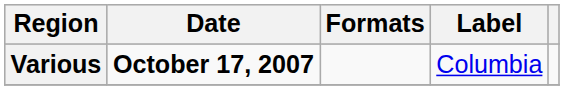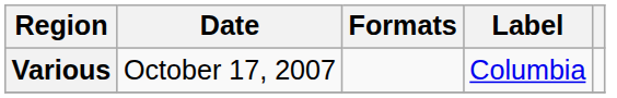 <table class="wikitable plainrowheaders">
 <tr>
 <th scope="col">Region</th>
 <th scope="col">Date</th>
 <th scope="col">Formats</th>
 <th scope="col">Label</th>
 <th scope="col"></th>
 </tr>
 <tr>
 <th scope="row">Various</th>
-<td rowspan="1"><strong>October 17, 2007</strong></td>
+<td rowspan="1">October 17, 2007</td>
 <td rowspan="1"></td>
 <td rowspan="1"><a href='#'>Columbia</a></td>
 <td style="text-align:center;" rowspan="1"></td>
 </tr>
 <tr>
 </tr>
 </table>
